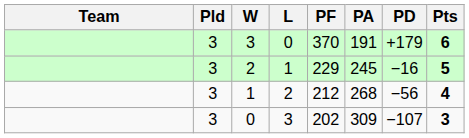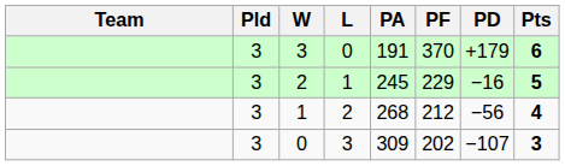 <table class=wikitable style="text-align:center">
 <tr>
 <th width=180>Team</th>
 <th width=30>Pld</th>
 <th width=30>W</th>
 <th width=30>L</th>
+<th width=30>PA</th>
 <th width=30>PF</th>
-<th width=30>PA</th>
 <th width=30>PD</th>
 <th width=30>Pts</th>
 </tr>
 <tr bgcolor="#ccffcc">
 <td align="left"></td>
 <td>3</td>
 <td>3</td>
 <td>0</td>
+<td>191</td>
 <td>370</td>
-<td>191</td>
 <td>+179</td>
 <td><strong>6</strong></td>
 </tr>
 <tr bgcolor="#ccffcc">
 <td align="left"></td>
 <td>3</td>
 <td>2</td>
 <td>1</td>
+<td>245</td>
 <td>229</td>
-<td>245</td>
 <td>−16</td>
 <td><strong>5</strong></td>
 </tr>
 <tr>
 <td align="left"></td>
 <td>3</td>
 <td>1</td>
 <td>2</td>
+<td>268</td>
 <td>212</td>
-<td>268</td>
 <td>−56</td>
 <td><strong>4</strong></td>
 </tr>
 <tr>
 <td align="left"></td>
 <td>3</td>
 <td>0</td>
 <td>3</td>
+<td>309</td>
 <td>202</td>
-<td>309</td>
 <td>−107</td>
 <td><strong>3</strong></td>
 </tr>
 </table>
